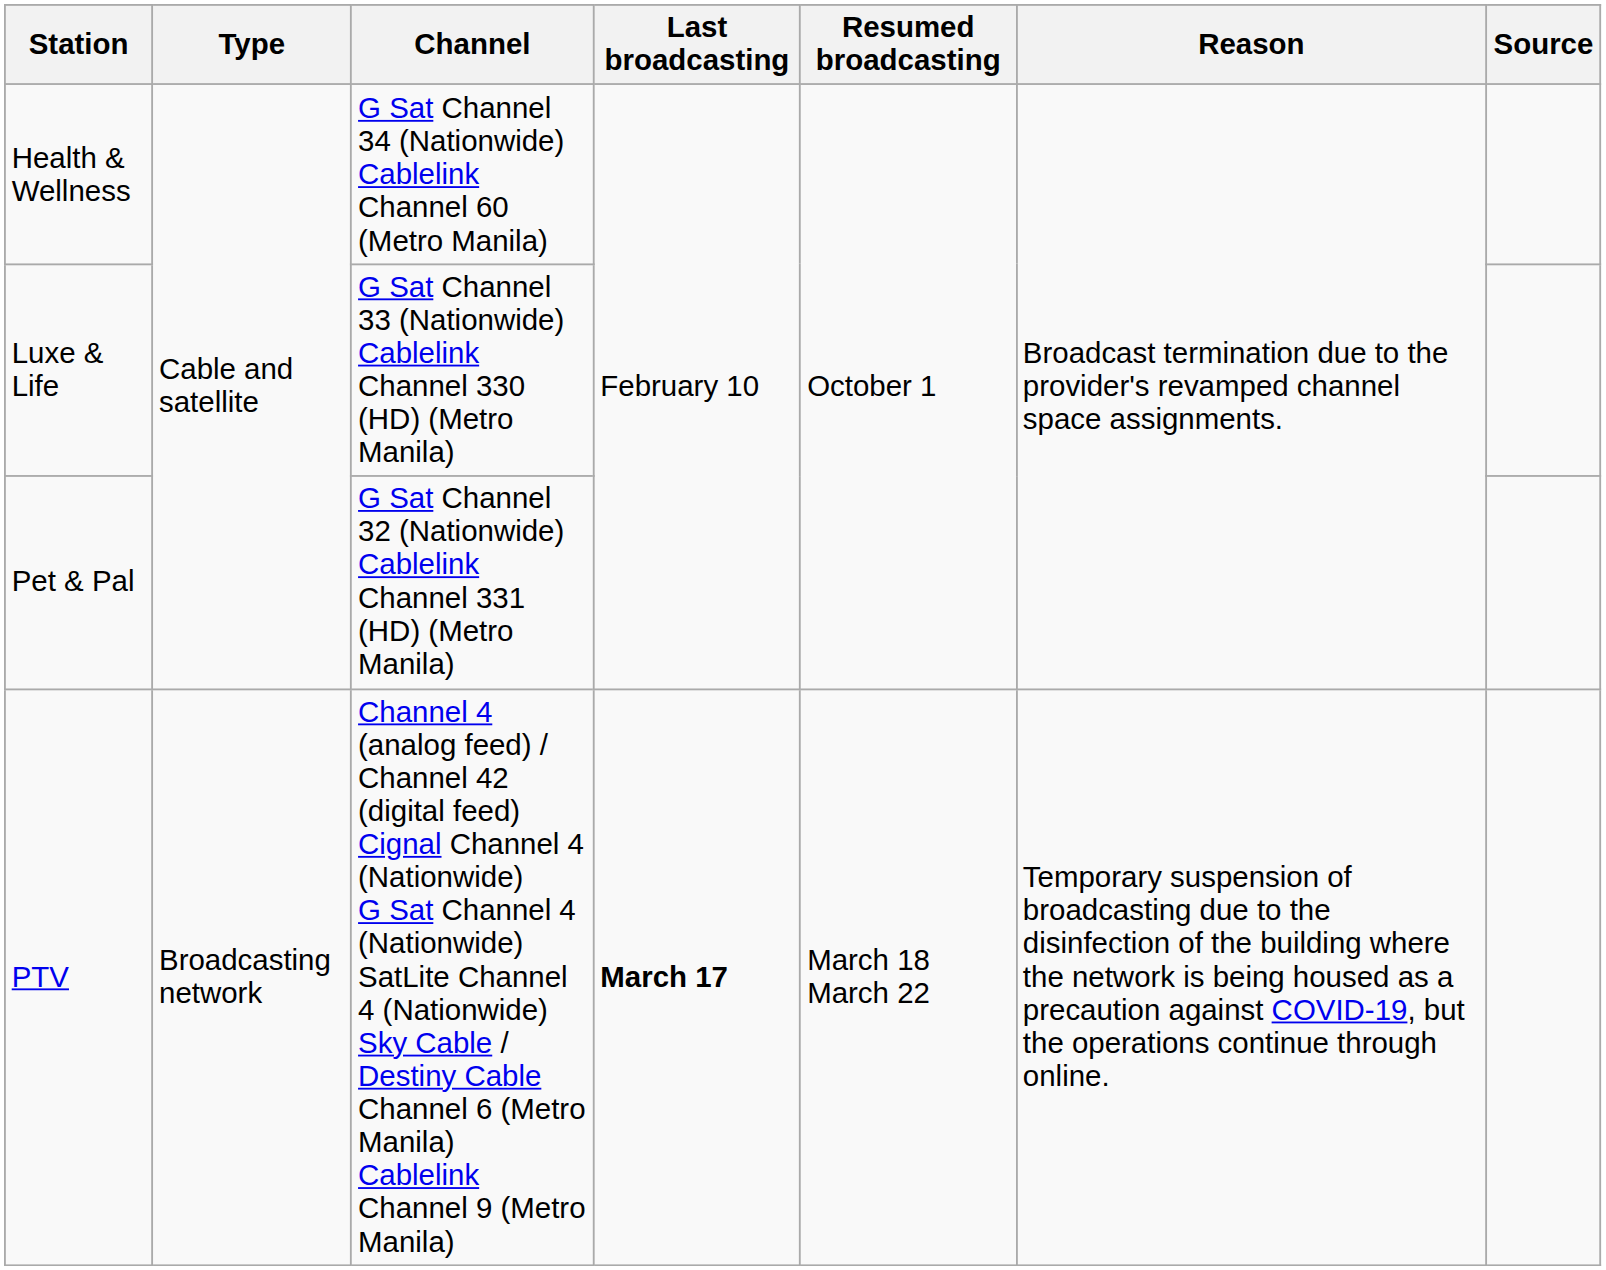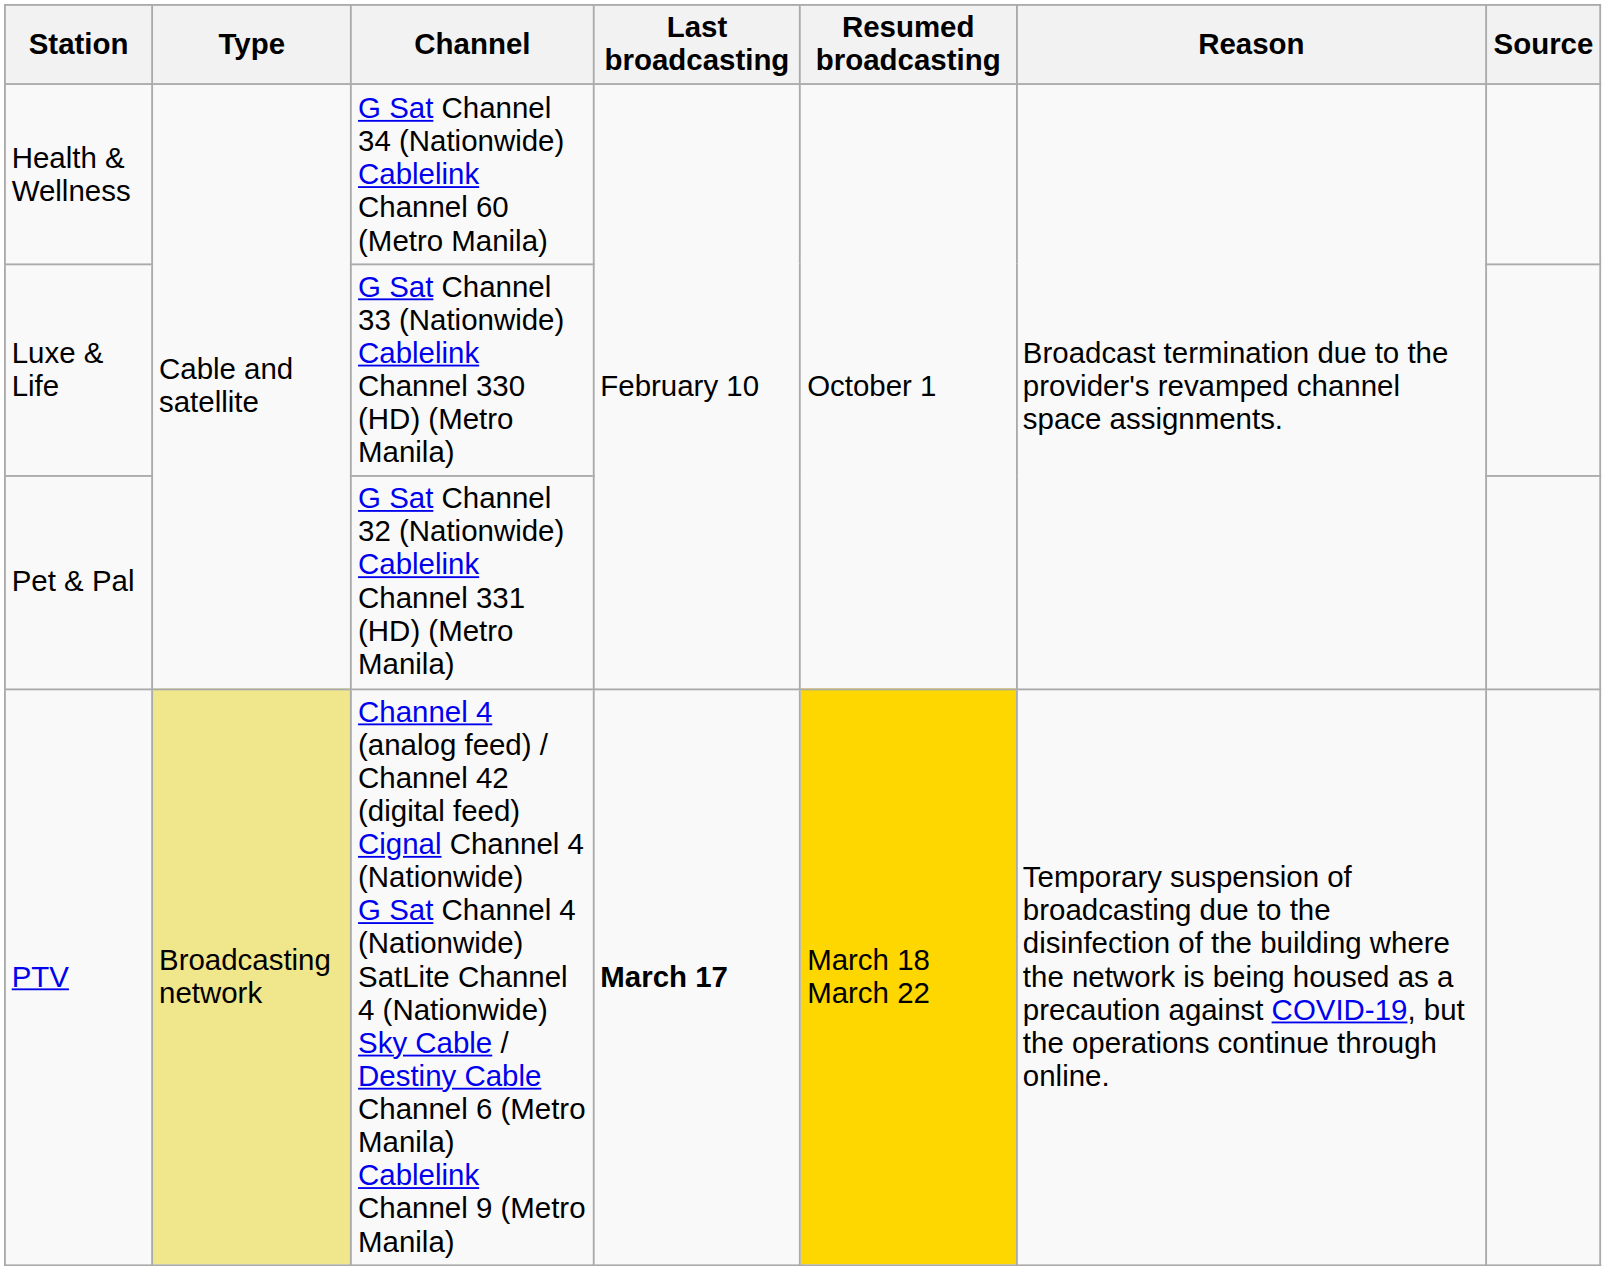 <table class="wikitable">
 <tr>
 <th>Station</th>
 <th>Type</th>
 <th>Channel</th>
 <th>Last broadcasting</th>
 <th>Resumed broadcasting</th>
 <th>Reason</th>
 <th>Source</th>
 </tr>
 <tr>
 <td>Health & Wellness</td>
 <td rowspan="3">Cable and satellite</td>
 <td><a href='#'>G Sat</a> Channel 34 (Nationwide)<br><a href='#'>Cablelink</a> Channel 60 (Metro Manila)</td>
 <td rowspan="3">February 10 </td>
 <td rowspan="3">October 1 </td>
 <td rowspan="3">Broadcast termination due to the provider's revamped channel space assignments.</td>
 <td></td>
 </tr>
 <tr>
 <td>Luxe & Life</td>
 <td><a href='#'>G Sat</a> Channel 33 (Nationwide)<br><a href='#'>Cablelink</a> Channel 330 (HD) (Metro Manila)</td>
 <td></td>
 </tr>
 <tr>
 <td>Pet & Pal</td>
 <td><a href='#'>G Sat</a> Channel 32 (Nationwide)<br><a href='#'>Cablelink</a> Channel 331 (HD) (Metro Manila)</td>
 <td></td>
 </tr>
 <tr>
 <td><a href='#'>PTV</a></td>
-<td>Broadcasting network</td>
+<td style="background: khaki;">Broadcasting network</td>
 <td><a href='#'>Channel 4</a> (analog feed) / Channel 42 (digital feed)<br><a href='#'>Cignal</a> Channel 4 (Nationwide)<br><a href='#'>G Sat</a> Channel 4 (Nationwide)<br>SatLite Channel 4 (Nationwide)<br><a href='#'>Sky Cable</a> / <a href='#'>Destiny Cable</a> Channel 6 (Metro Manila)<br><a href='#'>Cablelink</a> Channel 9 (Metro Manila)</td>
 <td><strong>March 17</strong></td>
-<td>March 18 <br>March 22 </td>
+<td style="background: gold;">March 18 <br>March 22 </td>
 <td>Temporary suspension of broadcasting due to the disinfection of the building where the network is being housed as a precaution against <a href='#'>COVID-19</a>, but the operations continue through online.</td>
 <td></td>
 </tr>
 </table>
